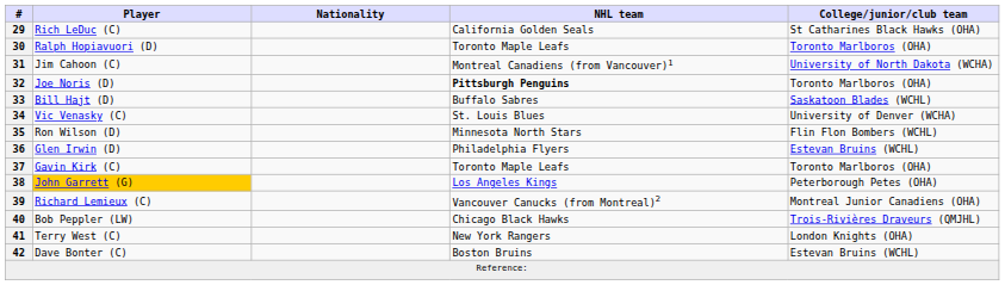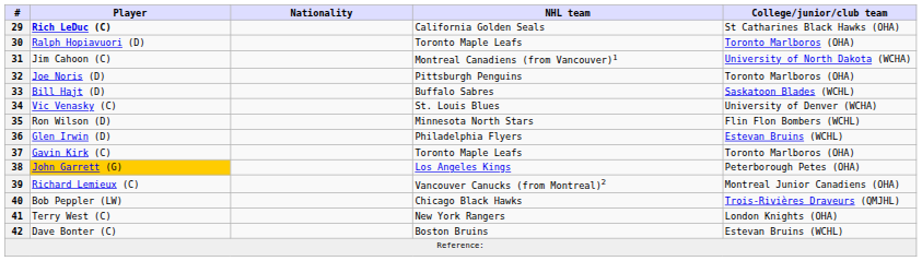 <table class="wikitable" style="width: 100%">
 <tr>
 <th style="background:#ddf; width:2.75%;">#</th>
 <th style="background:#ddf; width:22.0%;">Player</th>
 <th style="background:#ddf; width:20.0%;">Nationality</th>
 <th style="background:#ddf; width:34.0%;">NHL team</th>
 <th style="background:#ddf; width:100.0%;">College/junior/club team</th>
 </tr>
 <tr>
 <th>29</th>
-<td><a href='#'>Rich LeDuc</a> (C)</td>
+<td><strong><a href='#'>Rich LeDuc</a> (C)</strong></td>
 <td></td>
 <td>California Golden Seals</td>
 <td>St Catharines Black Hawks (OHA)</td>
 </tr>
 <tr>
 <th>30</th>
 <td><a href='#'>Ralph Hopiavuori</a> (D)</td>
 <td></td>
 <td>Toronto Maple Leafs</td>
 <td><a href='#'>Toronto Marlboros</a> (OHA)</td>
 </tr>
 <tr>
 <th>31</th>
 <td>Jim Cahoon (C)</td>
 <td></td>
 <td>Montreal Canadiens (from Vancouver)<sup>1</sup></td>
 <td><a href='#'>University of North Dakota</a> (WCHA)</td>
 </tr>
 <tr>
 <th>32</th>
 <td><a href='#'>Joe Noris</a> (D)</td>
 <td></td>
-<td><strong>Pittsburgh Penguins</strong></td>
+<td>Pittsburgh Penguins</td>
 <td>Toronto Marlboros (OHA)</td>
 </tr>
 <tr>
 <th>33</th>
 <td><a href='#'>Bill Hajt</a> (D)</td>
 <td></td>
 <td>Buffalo Sabres</td>
 <td><a href='#'>Saskatoon Blades</a> (WCHL)</td>
 </tr>
 <tr>
 <th>34</th>
 <td><a href='#'>Vic Venasky</a> (C)</td>
 <td></td>
 <td>St. Louis Blues</td>
 <td>University of Denver (WCHA)</td>
 </tr>
 <tr>
 <th>35</th>
 <td>Ron Wilson (D)</td>
 <td></td>
 <td>Minnesota North Stars</td>
 <td>Flin Flon Bombers (WCHL)</td>
 </tr>
 <tr>
 <th>36</th>
 <td><a href='#'>Glen Irwin</a> (D)</td>
 <td></td>
 <td>Philadelphia Flyers</td>
 <td><a href='#'>Estevan Bruins</a> (WCHL)</td>
 </tr>
 <tr>
 <th>37</th>
 <td><a href='#'>Gavin Kirk</a> (C)</td>
 <td></td>
 <td>Toronto Maple Leafs</td>
 <td>Toronto Marlboros (OHA)</td>
 </tr>
 <tr>
 <th>38</th>
 <td bgcolor="#FFCC00"><a href='#'>John Garrett</a> (G)</td>
 <td></td>
 <td><a href='#'>Los Angeles Kings</a></td>
 <td>Peterborough Petes (OHA)</td>
 </tr>
 <tr>
 <th>39</th>
 <td><a href='#'>Richard Lemieux</a> (C)</td>
 <td></td>
 <td>Vancouver Canucks (from Montreal)<sup>2</sup></td>
 <td>Montreal Junior Canadiens (OHA)</td>
 </tr>
 <tr>
 <th>40</th>
 <td>Bob Peppler (LW)</td>
 <td></td>
 <td>Chicago Black Hawks</td>
 <td><a href='#'>Trois-Rivières Draveurs</a> (QMJHL)</td>
 </tr>
 <tr>
 <th>41</th>
 <td>Terry West (C)</td>
 <td></td>
 <td>New York Rangers</td>
 <td>London Knights (OHA)</td>
 </tr>
 <tr>
 <th>42</th>
 <td>Dave Bonter (C)</td>
 <td></td>
 <td>Boston Bruins</td>
 <td>Estevan Bruins (WCHL)</td>
 </tr>
 <tr>
 <td align=center colspan="6" bgcolor="#efefef"><sup>Reference: </sup></td>
 </tr>
 </table>
